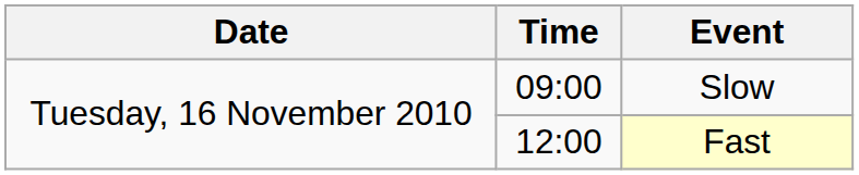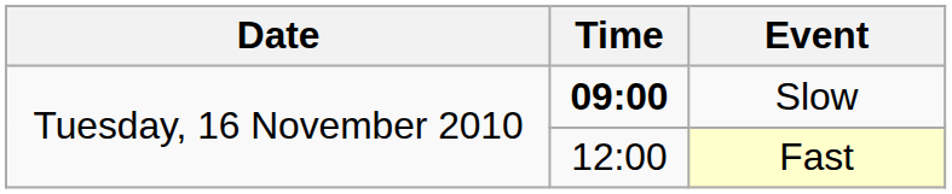 <table class = "wikitable" style="text-align:center;">
 <tr>
 <th width=220>Date</th>
 <th width=50>Time</th>
 <th width=100>Event</th>
 </tr>
 <tr>
 <td rowspan=2>Tuesday, 16 November 2010</td>
-<td>09:00</td>
+<td><strong>09:00</strong></td>
 <td>Slow</td>
 </tr>
 <tr>
 <td>12:00</td>
 <td bgcolor=ffffcc>Fast</td>
 </tr>
 </table>
